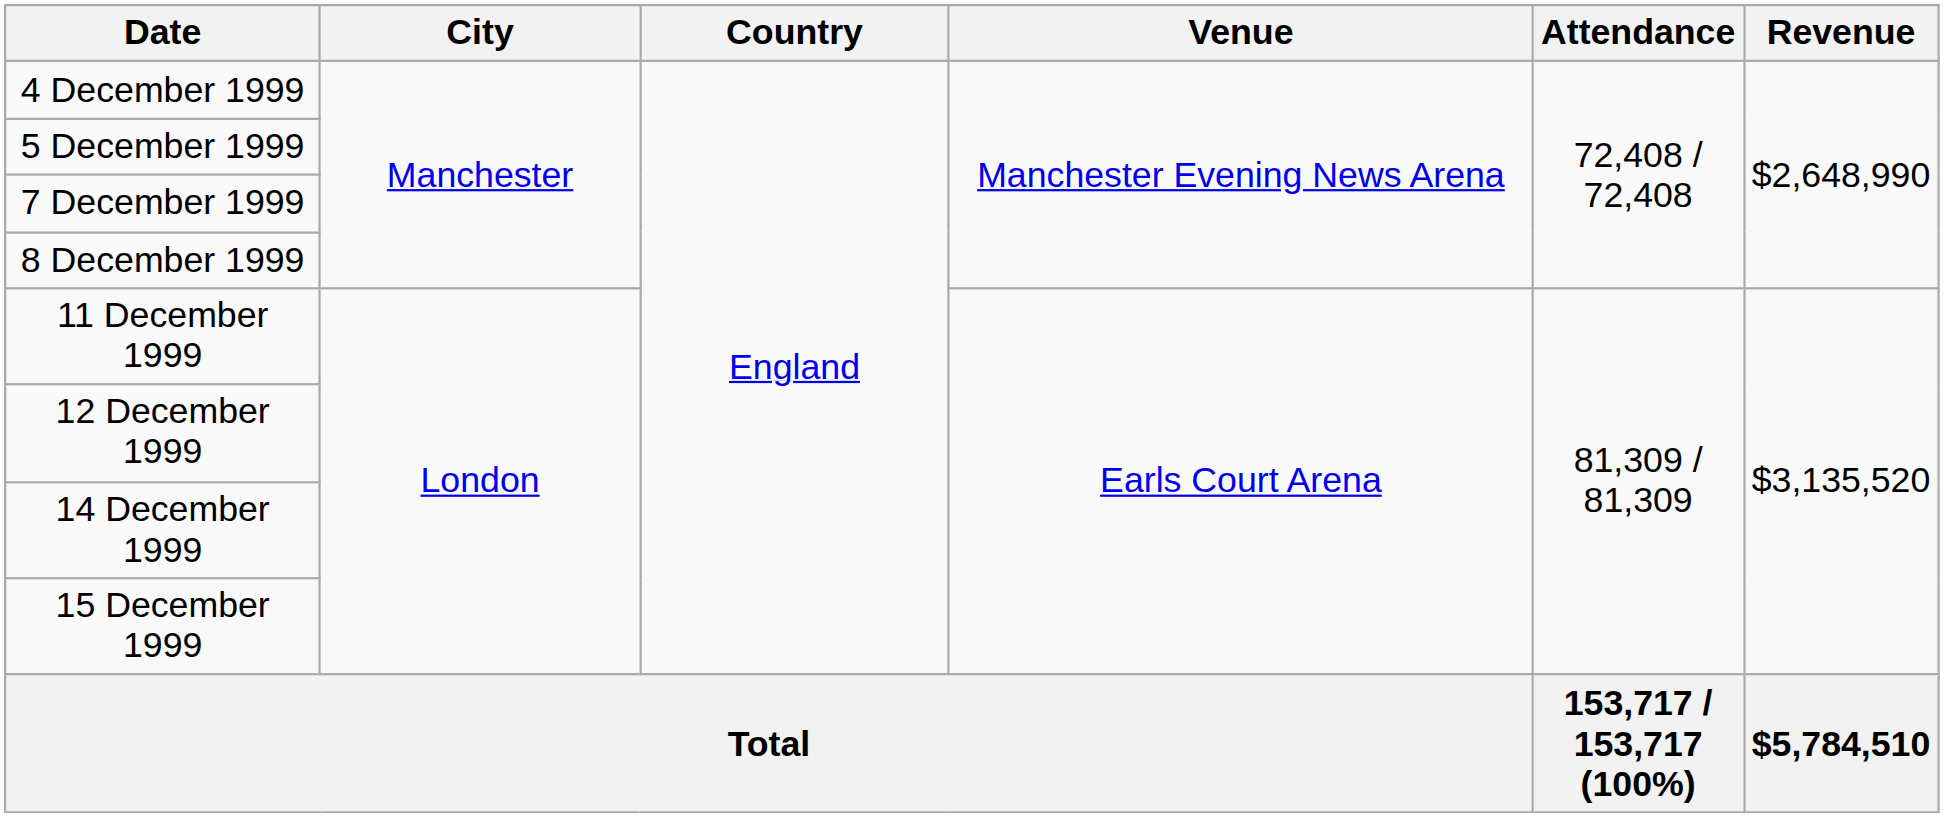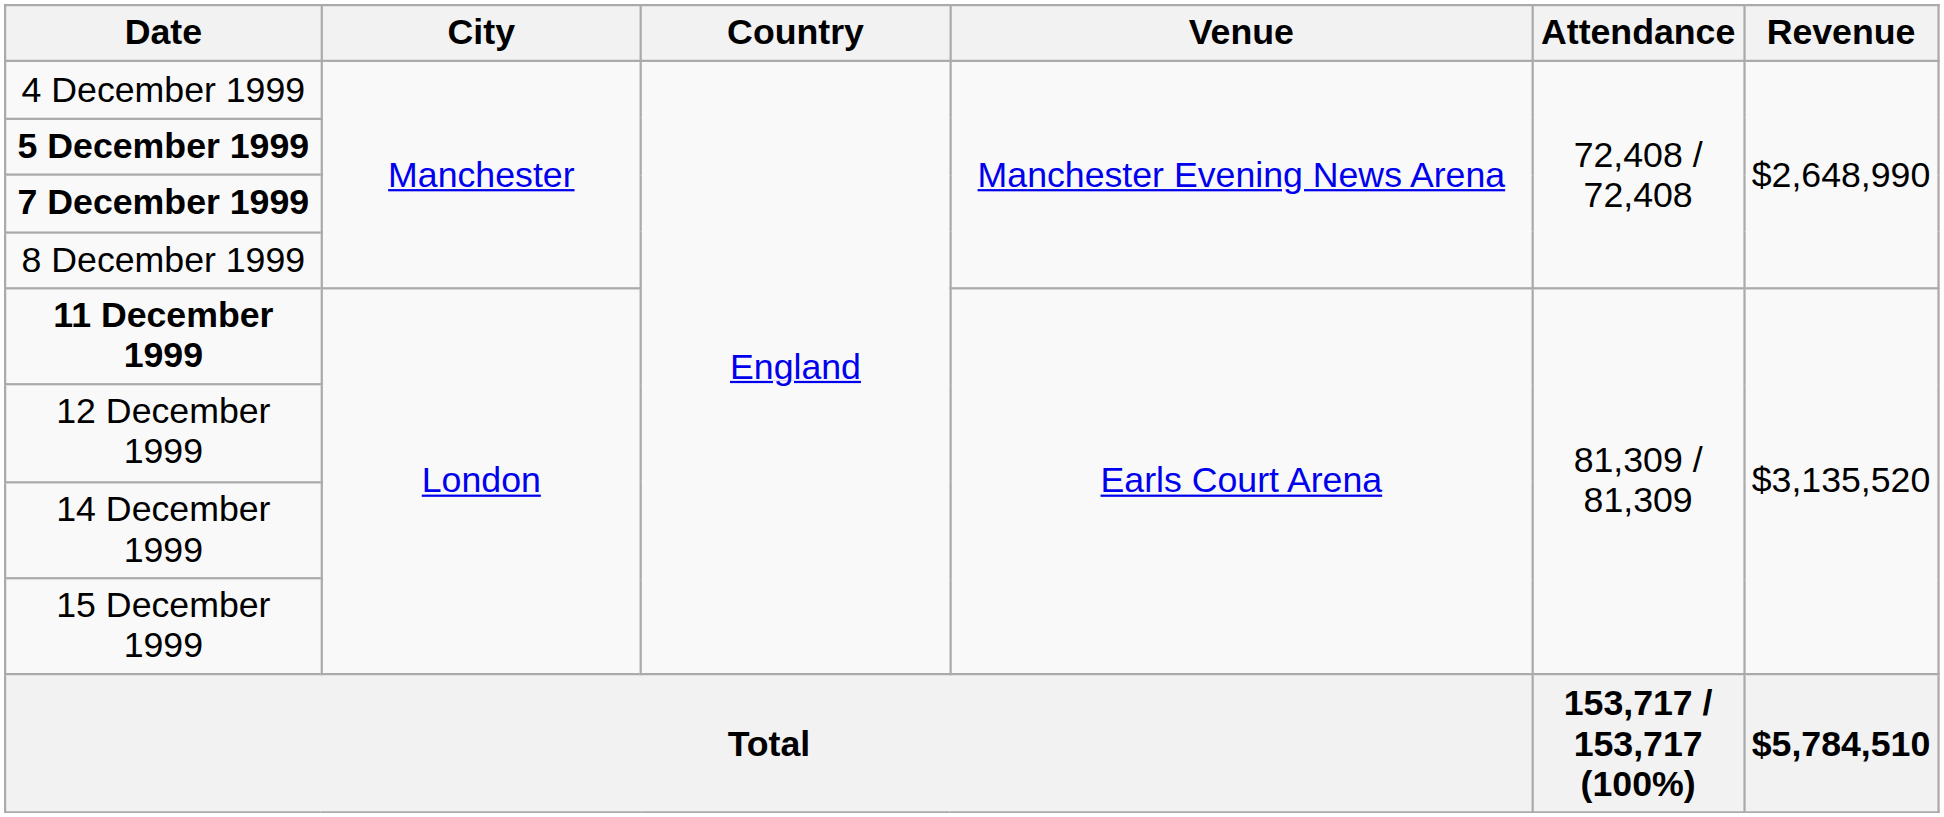 <table class="wikitable" style="text-align:center;">
 <tr>
 <th style="width:150px;">Date</th>
 <th style="width:150px;">City</th>
 <th style="width:150px;">Country</th>
 <th style="width:300px;">Venue</th>
 <th>Attendance</th>
 <th>Revenue</th>
 </tr>
 <tr>
 <td>4 December 1999</td>
 <td rowspan="4"><a href='#'>Manchester</a></td>
 <td rowspan="8"><a href='#'>England</a></td>
 <td rowspan="4"><a href='#'>Manchester Evening News Arena</a></td>
 <td rowspan="4">72,408 / 72,408</td>
 <td rowspan="4">$2,648,990</td>
 </tr>
 <tr>
-<td>5 December 1999</td>
+<td><strong>5 December 1999</strong></td>
 </tr>
 <tr>
-<td>7 December 1999</td>
+<td><strong>7 December 1999</strong></td>
 </tr>
 <tr>
 <td>8 December 1999</td>
 </tr>
 <tr>
-<td>11 December 1999</td>
+<td><strong>11 December 1999</strong></td>
 <td rowspan="4"><a href='#'>London</a></td>
 <td rowspan="4"><a href='#'>Earls Court Arena</a></td>
 <td rowspan="4">81,309 / 81,309</td>
 <td rowspan="4">$3,135,520</td>
 </tr>
 <tr>
 <td>12 December 1999</td>
 </tr>
 <tr>
 <td>14 December 1999</td>
 </tr>
 <tr>
 <td>15 December 1999</td>
 </tr>
 <tr>
 <th colspan="4">Total</th>
 <th>153,717 / 153,717 (100%)</th>
 <th>$5,784,510</th>
 </tr>
 </table>
